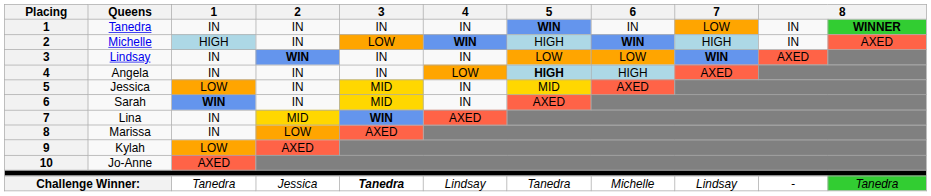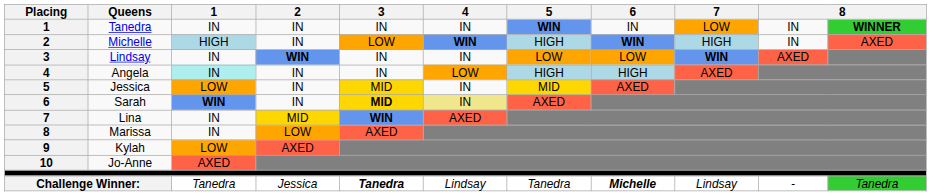 <table class="wikitable" style="text-align:center; font-size:100%; line-height:13px;">
 <tr>
 <th rowspan="1" style="width: 6%;">Placing</th>
 <th rowspan="1" style="width: 6%;">Queens</th>
 <th rowspan="1" style="width: 6%;">1</th>
 <th rowspan="1" style="width: 6%;">2</th>
 <th rowspan="1" style="width: 6%;">3</th>
 <th rowspan="1" style="width: 6%;">4</th>
 <th rowspan="1" style="width: 6%;">5</th>
 <th rowspan="1" style="width: 6%;">6</th>
 <th rowspan="1" style="width: 6%;">7</th>
 <th rowspan="1" style="width: 12%;" colspan=2>8</th>
 </tr>
 <tr>
 <th>1</th>
 <td><a href='#'>Tanedra</a></td>
 <td>IN</td>
 <td>IN</td>
 <td>IN</td>
 <td>IN</td>
 <td bgcolor="cornflowerblue"><strong>WIN</strong></td>
 <td>IN</td>
 <td bgcolor="orange">LOW</td>
 <td>IN</td>
 <td bgcolor="limegreen"><strong>WINNER</strong></td>
 </tr>
 <tr>
 <th>2</th>
 <td><a href='#'>Michelle</a></td>
 <td bgcolor="lightblue">HIGH</td>
 <td>IN</td>
 <td bgcolor="orange">LOW</td>
 <td bgcolor="cornflowerblue"><strong>WIN</strong></td>
 <td bgcolor="lightblue">HIGH</td>
 <td bgcolor="cornflowerblue"><strong>WIN</strong></td>
 <td bgcolor="lightblue">HIGH</td>
 <td>IN</td>
 <td bgcolor="tomato">AXED</td>
 </tr>
 <tr>
 <th>3</th>
 <td><a href='#'>Lindsay</a></td>
 <td>IN</td>
 <td bgcolor="cornflowerblue"><strong>WIN</strong></td>
 <td>IN</td>
 <td>IN</td>
 <td bgcolor="orange">LOW</td>
 <td bgcolor="orange">LOW</td>
 <td bgcolor="cornflowerblue"><strong>WIN</strong></td>
 <td bgcolor="tomato">AXED</td>
 <td bgcolor="gray"></td>
 </tr>
 <tr>
 <th>4</th>
 <td>Angela</td>
-<td>IN</td>
+<td style="background: paleturquoise;">IN</td>
 <td>IN</td>
 <td>IN</td>
 <td bgcolor="orange">LOW</td>
-<td bgcolor="lightblue"><strong>HIGH</strong></td>
+<td bgcolor="lightblue">HIGH</td>
 <td bgcolor="lightblue">HIGH</td>
 <td bgcolor="tomato">AXED</td>
 <td bgcolor="gray" colspan=2></td>
 </tr>
 <tr>
 <th>5</th>
 <td>Jessica</td>
 <td bgcolor="orange">LOW</td>
 <td>IN</td>
 <td bgcolor="gold">MID</td>
 <td>IN</td>
 <td bgcolor="gold">MID</td>
 <td bgcolor="tomato">AXED</td>
 <td bgcolor="gray" colspan=3></td>
 </tr>
 <tr>
 <th>6</th>
 <td>Sarah</td>
 <td bgcolor="cornflowerblue"><strong>WIN</strong></td>
 <td>IN</td>
-<td bgcolor="gold">MID</td>
-<td>IN</td>
+<td bgcolor="gold"><strong>MID</strong></td>
+<td style="background: khaki;">IN</td>
 <td bgcolor="tomato">AXED</td>
 <td bgcolor="gray" colspan=4></td>
 </tr>
 <tr>
 <th>7</th>
 <td>Lina</td>
 <td>IN</td>
 <td bgcolor="gold">MID</td>
 <td bgcolor="cornflowerblue"><strong>WIN</strong></td>
 <td bgcolor="tomato">AXED</td>
 <td bgcolor="gray" colspan=5></td>
 </tr>
 <tr>
 <th>8</th>
 <td>Marissa</td>
 <td>IN</td>
 <td bgcolor="orange">LOW</td>
 <td bgcolor="tomato">AXED</td>
 <td bgcolor="gray" colspan=6></td>
 </tr>
 <tr>
 <th>9</th>
 <td>Kylah</td>
 <td bgcolor="orange">LOW</td>
 <td bgcolor="tomato">AXED</td>
 <td bgcolor="gray" colspan=7></td>
 </tr>
 <tr>
 <th>10</th>
 <td>Jo-Anne</td>
 <td bgcolor="tomato">AXED</td>
 <td bgcolor="gray" colspan=8></td>
 </tr>
 <tr>
 <td colspan=11 bgcolor="black"></td>
 </tr>
 <tr>
 <th colspan=2>Challenge Winner:</th>
 <td bgcolor="white"><em>Tanedra</em></td>
 <td bgcolor="white"><em>Jessica</em></td>
 <td bgcolor="white"><strong><em>Tanedra</em></strong></td>
 <td bgcolor="white"><em>Lindsay</em></td>
 <td bgcolor="white"><em>Tanedra</em></td>
-<td bgcolor="white"><em>Michelle</em></td>
+<td bgcolor="white"><strong><em>Michelle</em></strong></td>
 <td bgcolor="white"><em>Lindsay</em></td>
 <td bgcolor="white"><em>-</em></td>
 <td bgcolor="limegreen"><em>Tanedra</em></td>
 </tr>
 </table>
